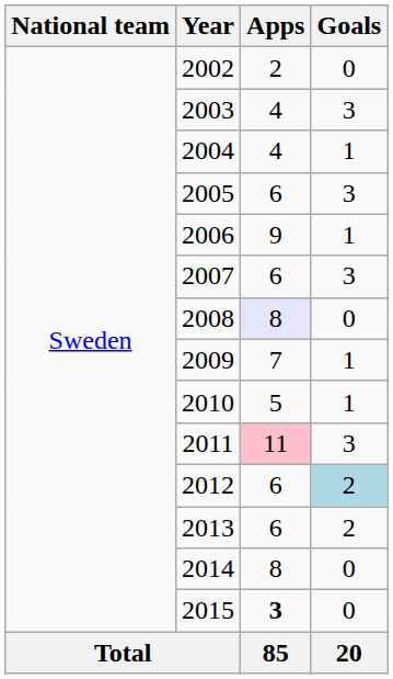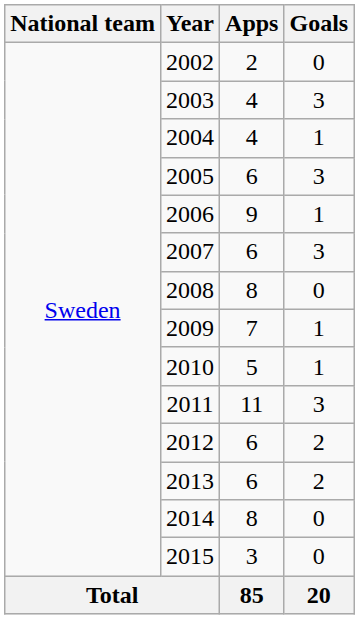 <table class="wikitable" style="text-align:center">
 <tr>
 <th>National team</th>
 <th>Year</th>
 <th>Apps</th>
 <th>Goals</th>
 </tr>
 <tr>
 <td rowspan="14"><a href='#'>Sweden</a></td>
 <td>2002</td>
 <td>2</td>
 <td>0</td>
 </tr>
 <tr>
 <td>2003</td>
 <td>4</td>
 <td>3</td>
 </tr>
 <tr>
 <td>2004</td>
 <td>4</td>
 <td>1</td>
 </tr>
 <tr>
 <td>2005</td>
 <td>6</td>
 <td>3</td>
 </tr>
 <tr>
 <td>2006</td>
 <td>9</td>
 <td>1</td>
 </tr>
 <tr>
 <td>2007</td>
 <td>6</td>
 <td>3</td>
 </tr>
 <tr>
 <td>2008</td>
-<td style="background: lavender;">8</td>
+<td>8</td>
 <td>0</td>
 </tr>
 <tr>
 <td>2009</td>
 <td>7</td>
 <td>1</td>
 </tr>
 <tr>
 <td>2010</td>
 <td>5</td>
 <td>1</td>
 </tr>
 <tr>
 <td>2011</td>
-<td style="background: pink;">11</td>
+<td>11</td>
 <td>3</td>
 </tr>
 <tr>
 <td>2012</td>
 <td>6</td>
-<td style="background: lightblue;">2</td>
+<td>2</td>
 </tr>
 <tr>
 <td>2013</td>
 <td>6</td>
 <td>2</td>
 </tr>
 <tr>
 <td>2014</td>
 <td>8</td>
 <td>0</td>
 </tr>
 <tr>
 <td>2015</td>
-<td><strong>3</strong></td>
+<td>3</td>
 <td>0</td>
 </tr>
 <tr>
 <th colspan="2">Total</th>
 <th>85</th>
 <th>20</th>
 </tr>
 </table>
